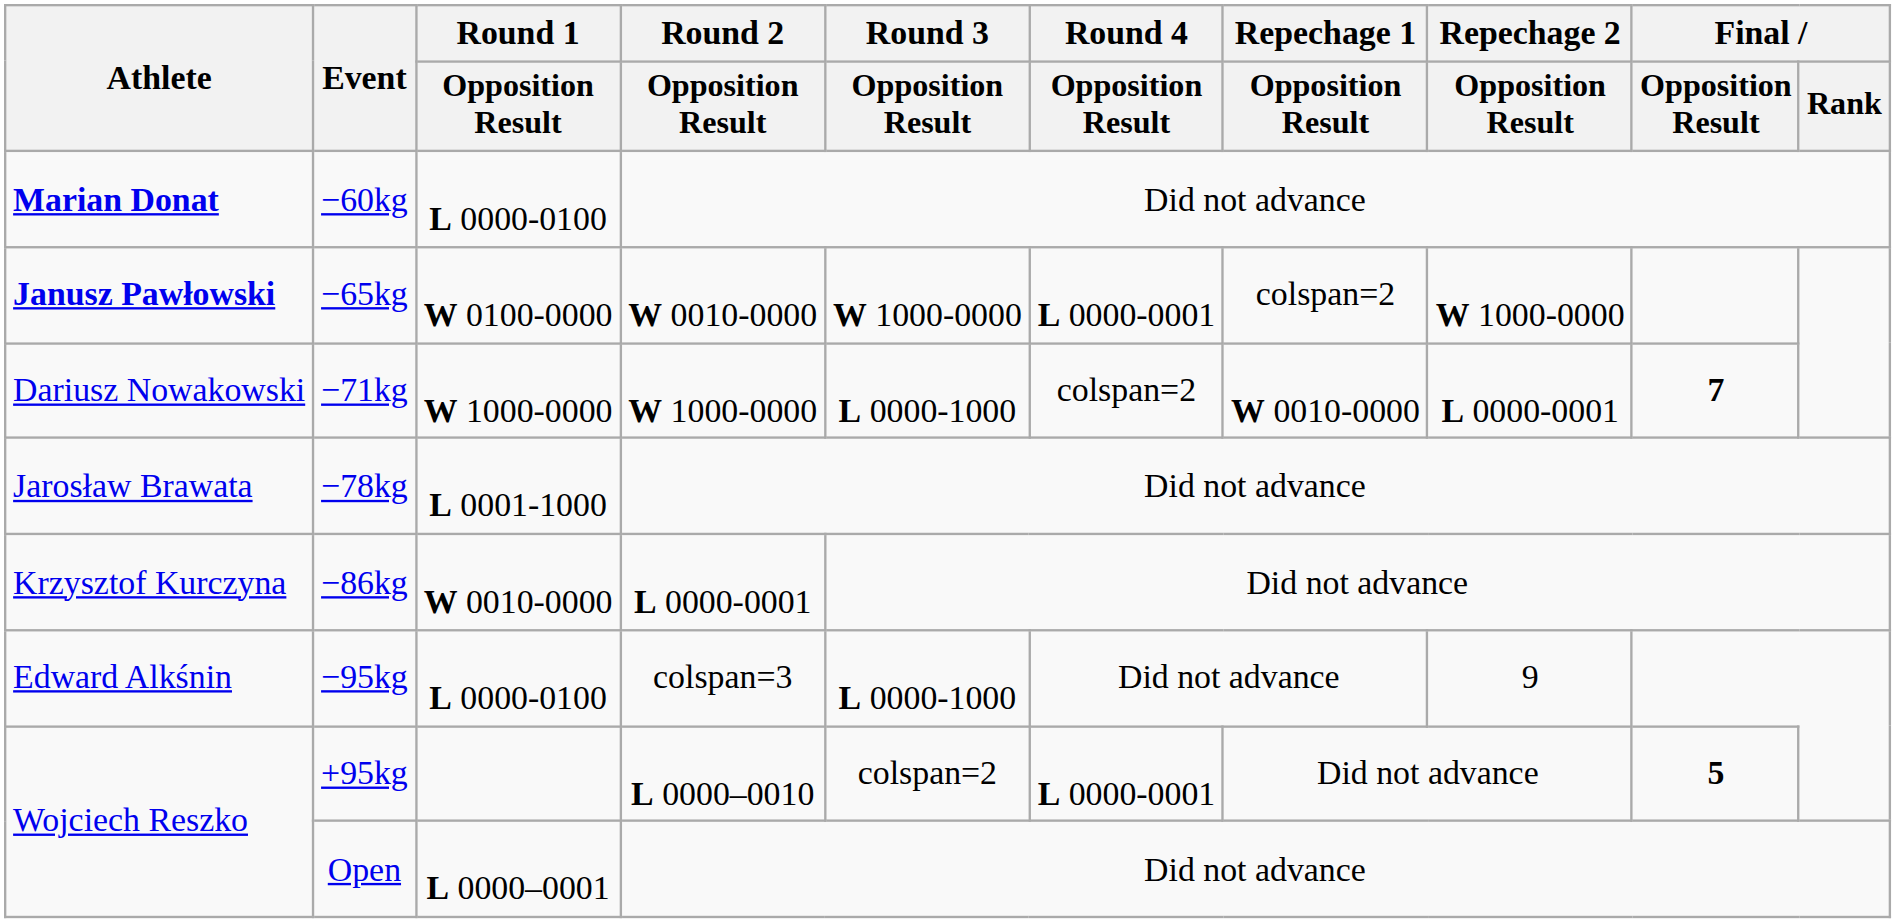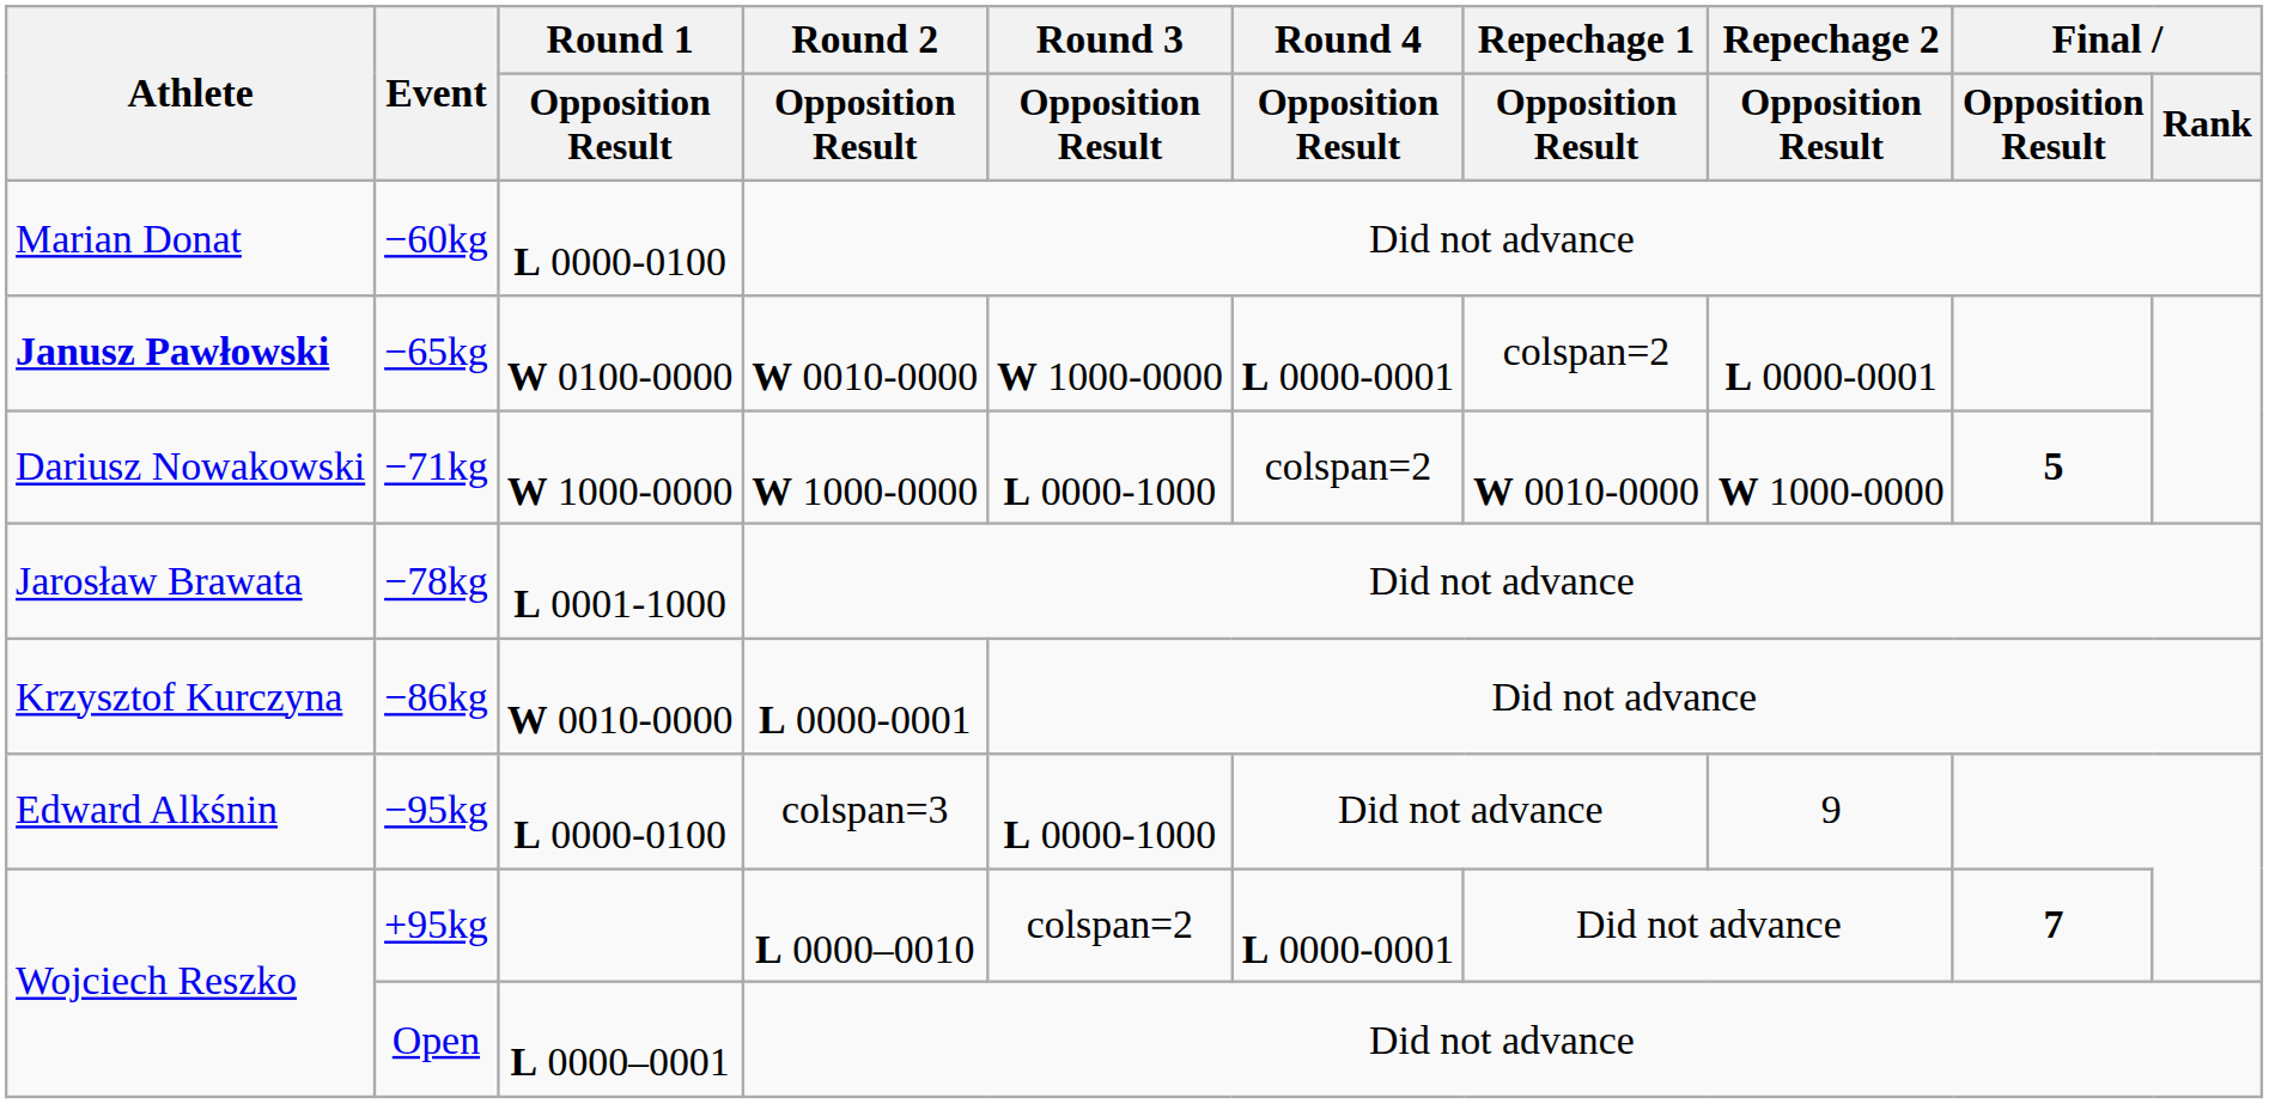 <table class="wikitable" style="font-size:90%">
 <tr>
 <th rowspan="2">Athlete</th>
 <th rowspan="2">Event</th>
 <th>Round 1</th>
 <th>Round 2</th>
 <th>Round 3</th>
 <th>Round 4</th>
 <th>Repechage 1</th>
 <th>Repechage 2</th>
 <th colspan=2>Final / </th>
 </tr>
 <tr style="font-size:95%">
 <th>Opposition<br>Result</th>
 <th>Opposition<br>Result</th>
 <th>Opposition<br>Result</th>
 <th>Opposition<br>Result</th>
 <th>Opposition<br>Result</th>
 <th>Opposition<br>Result</th>
 <th>Opposition<br>Result</th>
 <th>Rank</th>
 </tr>
 <tr align=center>
-<td align=left><strong><a href='#'>Marian Donat</a></strong></td>
+<td align=left><a href='#'>Marian Donat</a></td>
 <td align=left><a href='#'>−60kg</a></td>
 <td><br><strong>L</strong> 0000-0100</td>
 <td colspan=7>Did not advance</td>
 </tr>
 <tr align=center>
 <td align=left><strong><a href='#'>Janusz Pawłowski</a></strong></td>
 <td align=left><a href='#'>−65kg</a></td>
 <td><br><strong>W</strong> 0100-0000</td>
 <td><br><strong>W</strong> 0010-0000</td>
 <td><br><strong>W</strong> 1000-0000</td>
 <td><br><strong>L</strong> 0000-0001</td>
 <td>colspan=2 </td>
-<td><br><strong>W</strong> 1000-0000</td>
+<td><br><strong>L</strong> 0000-0001</td>
 <td></td>
 </tr>
 <tr align=center>
 <td align=left><a href='#'>Dariusz Nowakowski</a></td>
 <td align=left><a href='#'>−71kg</a></td>
 <td><br><strong>W</strong> 1000-0000</td>
 <td><br><strong>W</strong> 1000-0000</td>
 <td><br><strong>L</strong> 0000-1000</td>
 <td>colspan=2 </td>
 <td><br><strong>W</strong> 0010-0000</td>
-<td><br><strong>L</strong> 0000-0001</td>
-<td><strong>7</strong></td>
+<td><br><strong>W</strong> 1000-0000</td>
+<td><strong>5</strong></td>
 </tr>
 <tr align=center>
 <td align=left><a href='#'>Jarosław Brawata</a></td>
 <td align=left><a href='#'>−78kg</a></td>
 <td><br><strong>L</strong> 0001-1000</td>
 <td colspan=7>Did not advance</td>
 </tr>
 <tr align=center>
 <td align=left><a href='#'>Krzysztof Kurczyna</a></td>
 <td align=left><a href='#'>−86kg</a></td>
 <td><br><strong>W</strong> 0010-0000</td>
 <td><br><strong>L</strong> 0000-0001</td>
 <td colspan=6>Did not advance</td>
 </tr>
 <tr align=center>
 <td align=left><a href='#'>Edward Alkśnin</a></td>
 <td align=left><a href='#'>−95kg</a></td>
 <td><br><strong>L</strong> 0000-0100</td>
 <td>colspan=3 </td>
 <td><br><strong>L</strong> 0000-1000</td>
 <td colspan=2>Did not advance</td>
 <td>9</td>
 </tr>
 <tr align=center>
 <td align=left rowspan=2><a href='#'>Wojciech Reszko</a></td>
 <td align=left><a href='#'>+95kg</a></td>
 <td></td>
 <td><br><strong>L</strong> 0000–0010</td>
 <td>colspan=2 </td>
 <td><br><strong>L</strong> 0000-0001</td>
 <td colspan=2>Did not advance</td>
-<td><strong>5</strong></td>
+<td><strong>7</strong></td>
 </tr>
 <tr align=center>
 <td><a href='#'>Open</a></td>
 <td><br><strong>L</strong> 0000–0001</td>
 <td colspan=7>Did not advance</td>
 </tr>
 </table>
